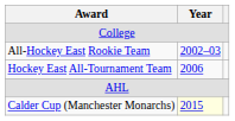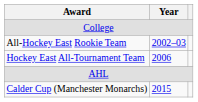 <table class="wikitable">
 <tr>
 <th>Award</th>
 <th>Year</th>
 <th></th>
 </tr>
 <tr ALIGN="center" bgcolor="#e0e0e0">
 <td colspan="3"><a href='#'>College</a></td>
 </tr>
 <tr>
 <td>All-<a href='#'>Hockey East</a> <a href='#'>Rookie Team</a></td>
 <td><a href='#'>2002–03</a></td>
 <td></td>
 </tr>
 <tr>
 <td><a href='#'>Hockey East</a> <a href='#'>All-Tournament Team</a></td>
 <td><a href='#'>2006</a></td>
 <td></td>
 </tr>
 <tr ALIGN="center" bgcolor="#e0e0e0">
 <td colspan="3"><a href='#'>AHL</a></td>
 </tr>
 <tr>
 <td><a href='#'>Calder Cup</a> (Manchester Monarchs)</td>
-<td style="background: lightyellow;"><a href='#'>2015</a></td>
+<td><a href='#'>2015</a></td>
 <td></td>
 </tr>
 </table>
